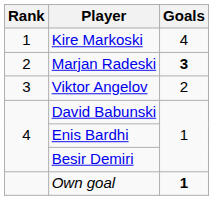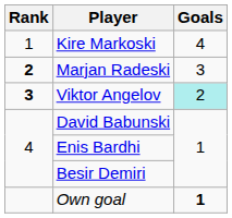 <table class="wikitable">
 <tr>
 <th>Rank</th>
 <th>Player</th>
 <th>Goals</th>
 </tr>
 <tr>
 <td align=center>1</td>
 <td><a href='#'>Kire Markoski</a></td>
 <td align=center>4</td>
 </tr>
 <tr>
-<td align=center>2</td>
+<td align=center><strong>2</strong></td>
 <td><a href='#'>Marjan Radeski</a></td>
-<td align=center><strong>3</strong></td>
+<td align=center>3</td>
 </tr>
 <tr>
-<td align=center>3</td>
+<td align=center><strong>3</strong></td>
 <td><a href='#'>Viktor Angelov</a></td>
-<td align=center>2</td>
+<td align=center style="background: paleturquoise;">2</td>
 </tr>
 <tr>
 <td align=center rowspan=3>4</td>
 <td><a href='#'>David Babunski</a></td>
 <td align=center rowspan=3>1</td>
 </tr>
 <tr>
 <td><a href='#'>Enis Bardhi</a></td>
 </tr>
 <tr>
 <td><a href='#'>Besir Demiri</a></td>
 </tr>
 <tr>
 <td></td>
 <td><em>Own goal</em></td>
 <td align=center><strong>1</strong></td>
 </tr>
 </table>
